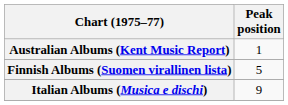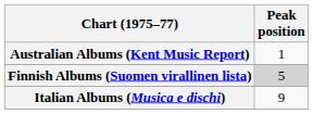 <table class="wikitable sortable plainrowheaders" style="text-align:center">
 <tr>
 <th scope="col">Chart (1975–77)</th>
 <th scope="col">Peak<br>position</th>
 </tr>
 <tr>
 <th scope="row">Australian Albums (<a href='#'>Kent Music Report</a>)</th>
 <td>1</td>
 </tr>
 <tr>
 </tr>
 <tr>
 </tr>
 <tr>
 <th scope="row">Finnish Albums (<a href='#'>Suomen virallinen lista</a>)</th>
-<td>5</td>
+<td style="background: lightgrey;">5</td>
 </tr>
 <tr>
 </tr>
 <tr>
 <th scope="row">Italian Albums (<em><a href='#'>Musica e dischi</a></em>)</th>
 <td>9</td>
 </tr>
 <tr>
 </tr>
 <tr>
 </tr>
 <tr>
 </tr>
 <tr>
 </tr>
 <tr>
 </tr>
 </table>
